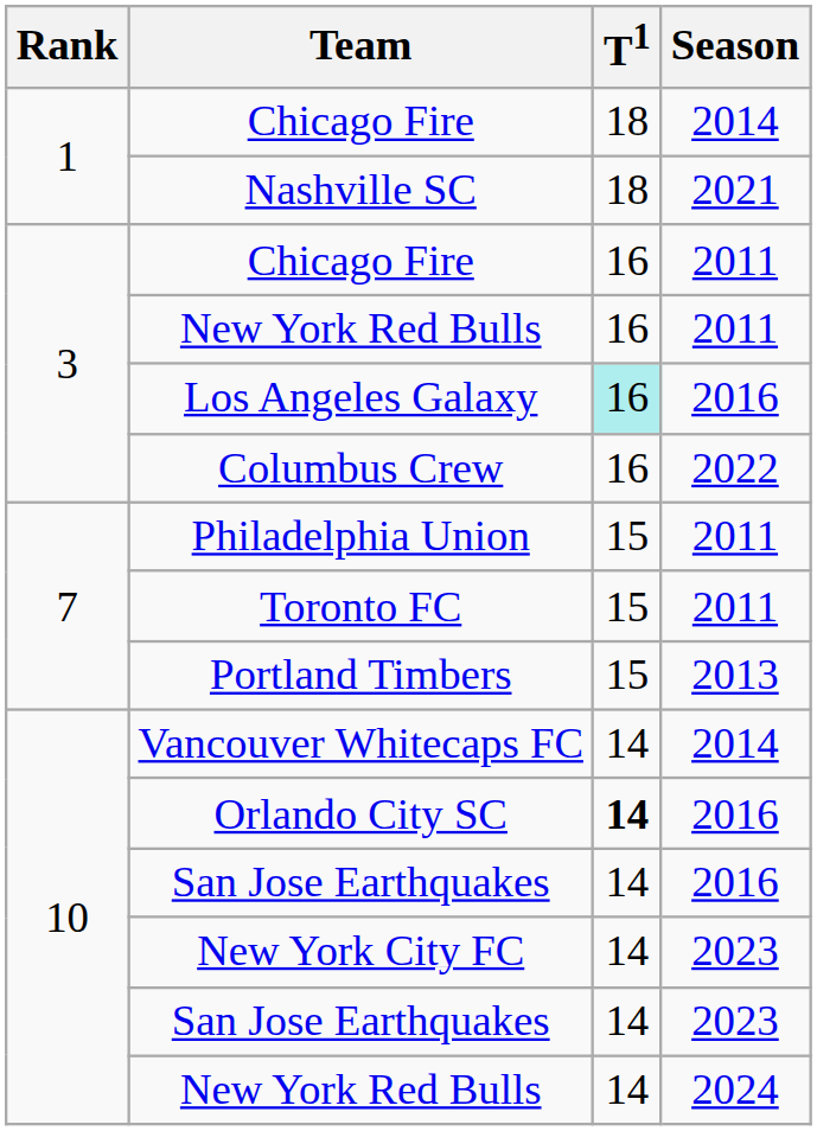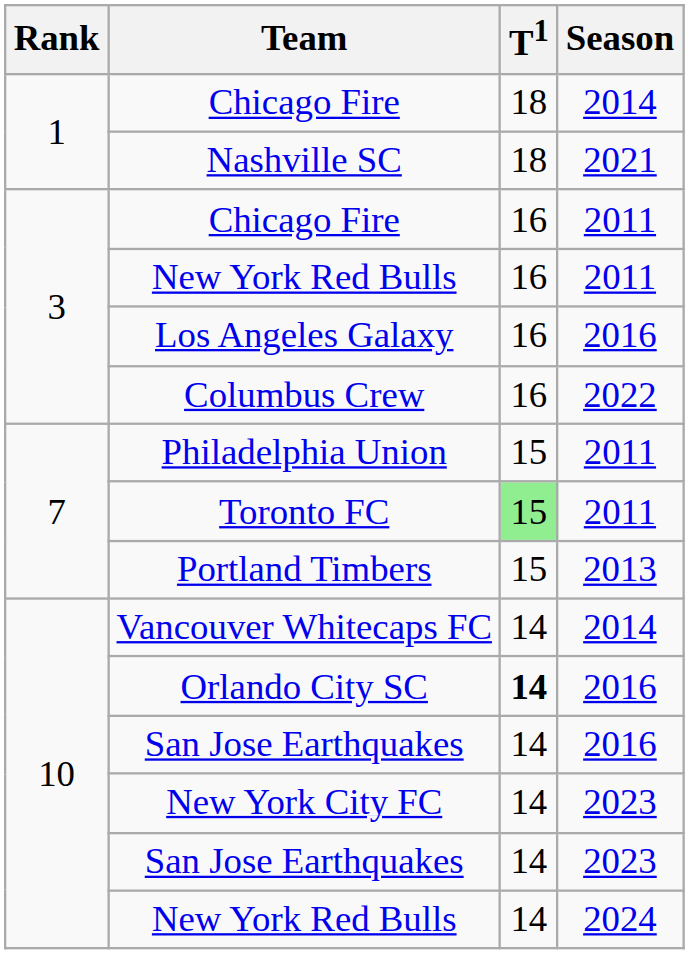 <table class="wikitable sortable" style="text-align:center">
 <tr>
 <th>Rank</th>
 <th>Team</th>
 <th>T<sup>1</sup></th>
 <th>Season</th>
 </tr>
 <tr>
 <td rowspan="2">1</td>
 <td><a href='#'>Chicago Fire</a></td>
 <td>18</td>
 <td><a href='#'>2014</a></td>
 </tr>
 <tr>
 <td><a href='#'>Nashville SC</a></td>
 <td>18</td>
 <td><a href='#'>2021</a></td>
 </tr>
 <tr>
 <td rowspan="4">3</td>
 <td><a href='#'>Chicago Fire</a></td>
 <td>16</td>
 <td><a href='#'>2011</a></td>
 </tr>
 <tr>
 <td><a href='#'>New York Red Bulls</a></td>
 <td>16</td>
 <td><a href='#'>2011</a></td>
 </tr>
 <tr>
 <td><a href='#'>Los Angeles Galaxy</a></td>
-<td style="background: paleturquoise;">16</td>
+<td>16</td>
 <td><a href='#'>2016</a></td>
 </tr>
 <tr>
 <td><a href='#'>Columbus Crew</a></td>
 <td>16</td>
 <td><a href='#'>2022</a></td>
 </tr>
 <tr>
 <td rowspan="3">7</td>
 <td><a href='#'>Philadelphia Union</a></td>
 <td>15</td>
 <td><a href='#'>2011</a></td>
 </tr>
 <tr>
 <td><a href='#'>Toronto FC</a></td>
-<td>15</td>
+<td style="background: lightgreen;">15</td>
 <td><a href='#'>2011</a></td>
 </tr>
 <tr>
 <td><a href='#'>Portland Timbers</a></td>
 <td>15</td>
 <td><a href='#'>2013</a></td>
 </tr>
 <tr>
 <td rowspan="6">10</td>
 <td><a href='#'>Vancouver Whitecaps FC</a></td>
 <td>14</td>
 <td><a href='#'>2014</a></td>
 </tr>
 <tr>
 <td><a href='#'>Orlando City SC</a></td>
 <td><strong>14</strong></td>
 <td><a href='#'>2016</a></td>
 </tr>
 <tr>
 <td><a href='#'>San Jose Earthquakes</a></td>
 <td>14</td>
 <td><a href='#'>2016</a></td>
 </tr>
 <tr>
 <td><a href='#'>New York City FC</a></td>
 <td>14</td>
 <td><a href='#'>2023</a></td>
 </tr>
 <tr>
 <td><a href='#'>San Jose Earthquakes</a></td>
 <td>14</td>
 <td><a href='#'>2023</a></td>
 </tr>
 <tr>
 <td><a href='#'>New York Red Bulls</a></td>
 <td>14</td>
 <td><a href='#'>2024</a></td>
 </tr>
 </table>
